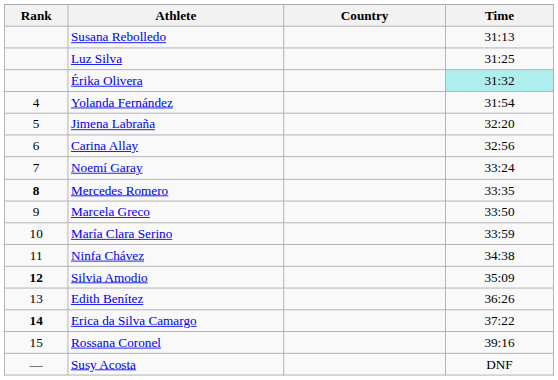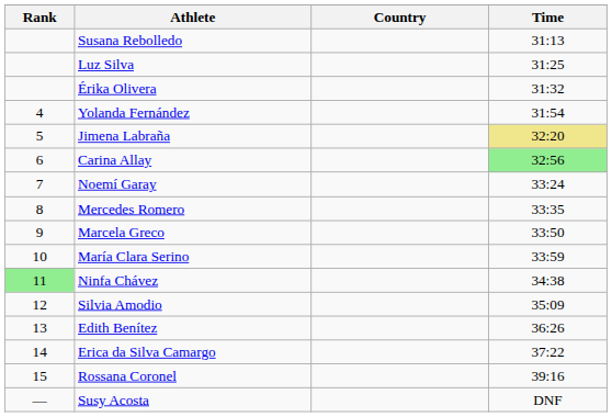 <table class="wikitable sortable" style=" text-align:center; font-size:95%;" width="50%">
 <tr>
 </tr>
 <tr>
 <th width=5%>Rank</th>
 <th width=20%>Athlete</th>
 <th width=15%>Country</th>
 <th width=10%>Time</th>
 </tr>
 <tr>
 <td align=center></td>
 <td align=left><a href='#'>Susana Rebolledo</a></td>
 <td align=left></td>
 <td>31:13</td>
 </tr>
 <tr>
 <td align=center></td>
 <td align=left><a href='#'>Luz Silva</a></td>
 <td align=left></td>
 <td>31:25</td>
 </tr>
 <tr>
 <td align=center></td>
 <td align=left><a href='#'>Érika Olivera</a></td>
 <td align=left></td>
-<td style="background: paleturquoise;">31:32</td>
+<td>31:32</td>
 </tr>
 <tr>
 <td align=center>4</td>
 <td align=left><a href='#'>Yolanda Fernández</a></td>
 <td align=left></td>
 <td>31:54</td>
 </tr>
 <tr>
 <td align=center>5</td>
 <td align=left><a href='#'>Jimena Labraña</a></td>
 <td align=left></td>
-<td>32:20</td>
+<td style="background: khaki;">32:20</td>
 </tr>
 <tr>
 <td align=center>6</td>
 <td align=left><a href='#'>Carina Allay</a></td>
 <td align=left></td>
-<td>32:56</td>
+<td style="background: lightgreen;">32:56</td>
 </tr>
 <tr>
 <td align=center>7</td>
 <td align=left><a href='#'>Noemí Garay</a></td>
 <td align=left></td>
 <td>33:24</td>
 </tr>
 <tr>
-<td align=center><strong>8</strong></td>
+<td align=center>8</td>
 <td align=left><a href='#'>Mercedes Romero</a></td>
 <td align=left></td>
 <td>33:35</td>
 </tr>
 <tr>
 <td align=center>9</td>
 <td align=left><a href='#'>Marcela Greco</a></td>
 <td align=left></td>
 <td>33:50</td>
 </tr>
 <tr>
 <td align=center>10</td>
 <td align=left><a href='#'>María Clara Serino</a></td>
 <td align=left></td>
 <td>33:59</td>
 </tr>
 <tr>
-<td align=center>11</td>
+<td align=center style="background: lightgreen;">11</td>
 <td align=left><a href='#'>Ninfa Chávez</a></td>
 <td align=left></td>
 <td>34:38</td>
 </tr>
 <tr>
-<td align=center><strong>12</strong></td>
+<td align=center>12</td>
 <td align=left><a href='#'>Silvia Amodio</a></td>
 <td align=left></td>
 <td>35:09</td>
 </tr>
 <tr>
 <td align=center>13</td>
 <td align=left><a href='#'>Edith Benítez</a></td>
 <td align=left></td>
 <td>36:26</td>
 </tr>
 <tr>
-<td align=center><strong>14</strong></td>
+<td align=center>14</td>
 <td align=left><a href='#'>Erica da Silva Camargo</a></td>
 <td align=left></td>
 <td>37:22</td>
 </tr>
 <tr>
 <td align=center>15</td>
 <td align=left><a href='#'>Rossana Coronel</a></td>
 <td align=left></td>
 <td>39:16</td>
 </tr>
 <tr>
 <td align=center>—</td>
 <td align=left><a href='#'>Susy Acosta</a></td>
 <td align=left></td>
 <td>DNF</td>
 </tr>
 </table>
